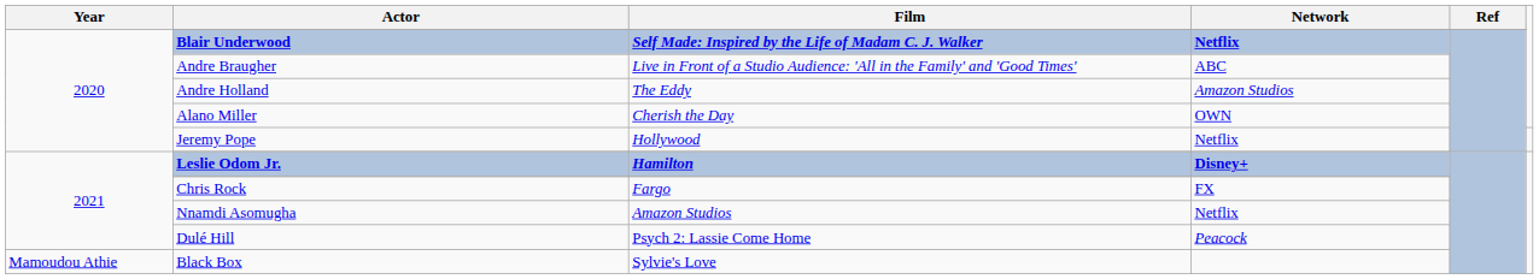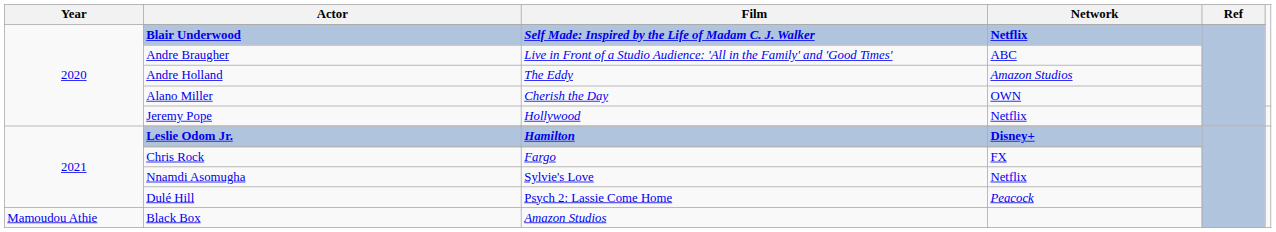 <table class="wikitable" style="width:100%;">
 <tr style="background:#bebebe;">
 <th style="width:11%;">Year</th>
 <th style="width:30%;">Actor</th>
 <th style="width:37%;">Film</th>
 <th style="width:17%;">Network</th>
 <th style="width:5%;">Ref</th>
 </tr>
 <tr>
 <td rowspan="6" align="center"><a href='#'>2020</a></td>
 </tr>
 <tr style="background:#B0C4DE">
 <td><strong><a href='#'>Blair Underwood</a></strong></td>
 <td><strong><em><a href='#'>Self Made: Inspired by the Life of Madam C. J. Walker</a></em></strong></td>
 <td><strong><a href='#'>Netflix</a></strong></td>
 <td rowspan="6" align="center"></td>
 </tr>
 <tr>
 <td><a href='#'>Andre Braugher</a></td>
 <td><em><a href='#'>Live in Front of a Studio Audience: 'All in the Family' and 'Good Times'</a></em></td>
 <td><a href='#'>ABC</a></td>
 </tr>
 <tr>
 <td><a href='#'>Andre Holland</a></td>
 <td><em><a href='#'>The Eddy</a></em></td>
 <td><em><a href='#'>Amazon Studios</a></em></td>
 </tr>
 <tr>
 <td><a href='#'>Alano Miller</a></td>
 <td><em><a href='#'>Cherish the Day</a></em></td>
 <td><a href='#'>OWN</a></td>
 </tr>
 <tr>
 <td><a href='#'>Jeremy Pope</a></td>
 <td><em><a href='#'>Hollywood</a></em></td>
 <td><a href='#'>Netflix</a></td>
 <td></td>
 </tr>
 <tr>
 <td rowspan="6" align="center"><a href='#'>2021</a></td>
 </tr>
 <tr style="background:#B0C4DE">
 <td><strong><a href='#'>Leslie Odom Jr.</a></strong></td>
 <td><strong><em><a href='#'>Hamilton</a></em></strong></td>
 <td><strong><a href='#'>Disney+</a></strong></td>
 <td rowspan="6" align="center"></td>
 </tr>
 <tr>
 </tr>
 <tr>
 <td><a href='#'>Chris Rock</a></td>
 <td><em><a href='#'>Fargo</a></em></td>
 <td><a href='#'>FX</a></td>
 </tr>
 <tr>
 <td><a href='#'>Nnamdi Asomugha</a></td>
-<td><em><a href='#'>Amazon Studios</a></em></td>
+<td><a href='#'>Sylvie's Love</a></td>
 <td><a href='#'>Netflix</a></td>
 </tr>
 <tr>
 <td><a href='#'>Dulé Hill</a></td>
 <td><a href='#'>Psych 2: Lassie Come Home</a></td>
 <td><em><a href='#'>Peacock</a></em></td>
 </tr>
 <tr>
 <td><a href='#'>Mamoudou Athie</a></td>
 <td><a href='#'>Black Box</a></td>
-<td><a href='#'>Sylvie's Love</a></td>
+<td><em><a href='#'>Amazon Studios</a></em></td>
 </tr>
 </table>
